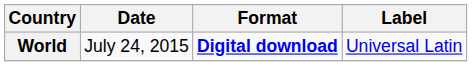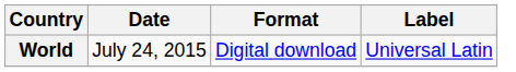 <table class="wikitable plainrowheaders">
 <tr>
 <th scope="col">Country</th>
 <th scope="col">Date</th>
 <th scope="col">Format</th>
 <th scope="col">Label</th>
 </tr>
 <tr>
 <th scope="row">World</th>
 <td>July 24, 2015</td>
-<td><strong><a href='#'>Digital download</a></strong></td>
+<td><a href='#'>Digital download</a></td>
 <td><a href='#'>Universal Latin</a></td>
 </tr>
 <tr>
 </tr>
 </table>
